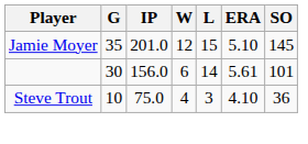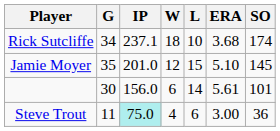 <table class="wikitable sortable" style="text-align:center">
 <tr>
 <th>Player</th>
 <th>G</th>
 <th>IP</th>
 <th>W</th>
 <th>L</th>
 <th>ERA</th>
 <th>SO</th>
+</tr>
+<tr>
+<td><a href='#'>Rick Sutcliffe</a></td>
+<td>34</td>
+<td>237.1</td>
+<td>18</td>
+<td>10</td>
+<td>3.68</td>
+<td>174</td>
 </tr>
 <tr>
 <td><a href='#'>Jamie Moyer</a></td>
 <td>35</td>
 <td>201.0</td>
 <td>12</td>
 <td>15</td>
 <td>5.10</td>
 <td>145</td>
 </tr>
 <tr>
 <td></td>
 <td>30</td>
 <td>156.0</td>
 <td>6</td>
 <td>14</td>
 <td>5.61</td>
 <td>101</td>
 </tr>
 <tr>
 <td><a href='#'>Steve Trout</a></td>
-<td>10</td>
-<td>75.0</td>
+<td>11</td>
+<td style="background: paleturquoise;">75.0</td>
 <td>4</td>
-<td>3</td>
-<td>4.10</td>
+<td>6</td>
+<td>3.00</td>
 <td>36</td>
 </tr>
 </table>
